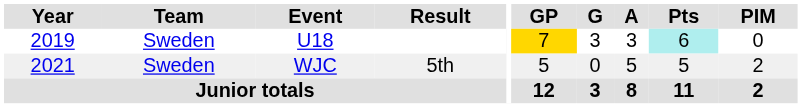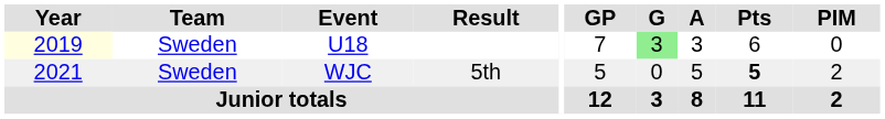 <table border="0" cellpadding="1" cellspacing="0" ID="Table3" style="text-align:center; width:40em;">
 <tr bgcolor="#e0e0e0">
 <th>Year</th>
 <th>Team</th>
 <th>Event</th>
 <th>Result</th>
 <th rowspan="99" bgcolor="#ffffff"></th>
 <th>GP</th>
 <th>G</th>
 <th>A</th>
 <th>Pts</th>
 <th>PIM</th>
 </tr>
 <tr>
-<td><a href='#'>2019</a></td>
+<td style="background: lightyellow;"><a href='#'>2019</a></td>
 <td><a href='#'>Sweden</a></td>
 <td><a href='#'>U18</a></td>
 <td></td>
-<td style="background: gold;">7</td>
+<td>7</td>
+<td style="background: lightgreen;">3</td>
 <td>3</td>
-<td>3</td>
-<td style="background: paleturquoise;">6</td>
+<td>6</td>
 <td>0</td>
 </tr>
 <tr bgcolor="#f0f0f0">
 <td><a href='#'>2021</a></td>
 <td><a href='#'>Sweden</a></td>
 <td><a href='#'>WJC</a></td>
 <td>5th</td>
 <td>5</td>
 <td>0</td>
 <td>5</td>
-<td>5</td>
+<td><strong>5</strong></td>
 <td>2</td>
 </tr>
 <tr bgcolor="#e0e0e0">
 <th colspan="4">Junior totals</th>
 <th>12</th>
 <th>3</th>
 <th>8</th>
 <th>11</th>
 <th>2</th>
 </tr>
 </table>
